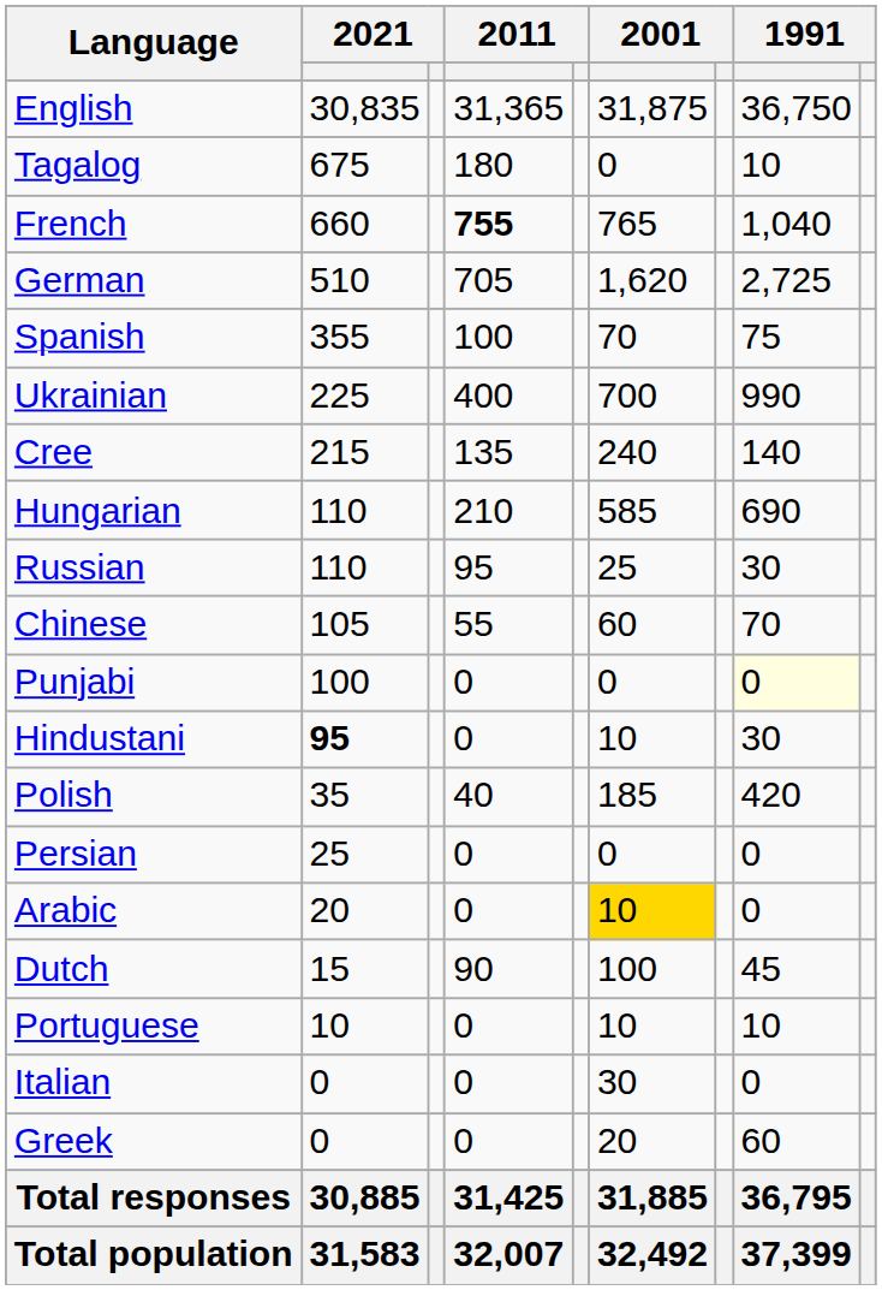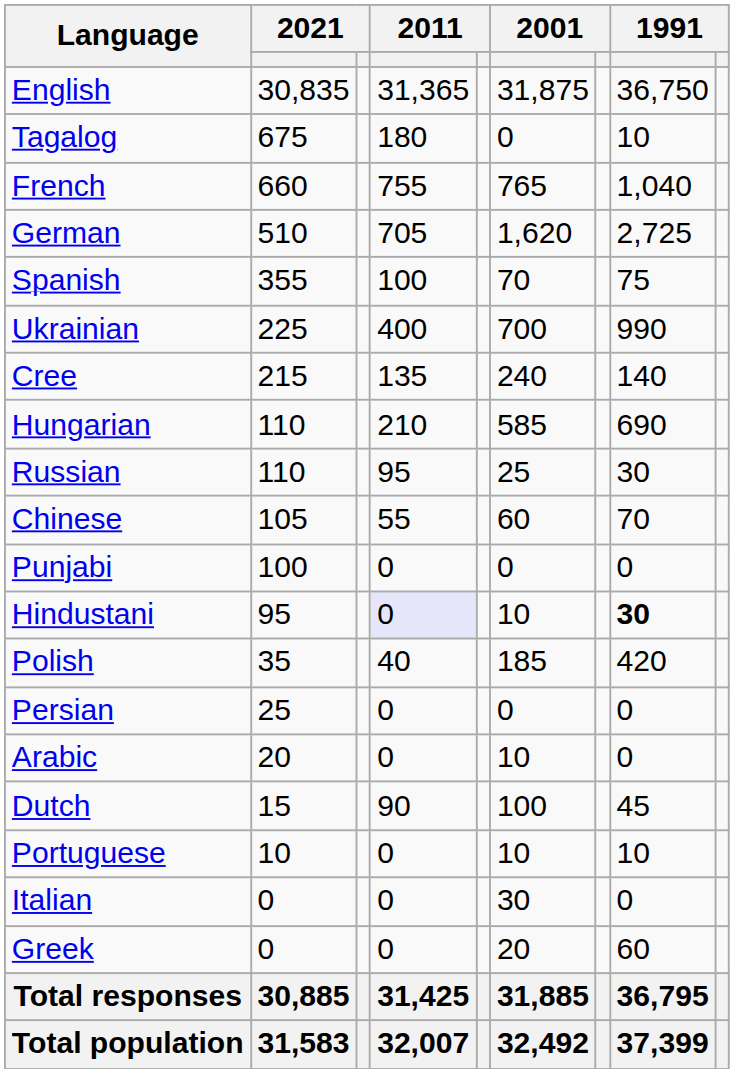 <table class="wikitable collapsible sortable">
 <tr>
 <th rowspan="2">Language</th>
 <th colspan="2">2021</th>
 <th colspan="2">2011</th>
 <th colspan="2">2001</th>
 <th colspan="2">1991</th>
 </tr>
 <tr>
 <th><a href='#'></a></th>
 <th></th>
 <th></th>
 <th></th>
 <th></th>
 <th></th>
 <th></th>
 <th></th>
 </tr>
 <tr>
 <td><a href='#'>English</a></td>
 <td>30,835</td>
 <td></td>
 <td>31,365</td>
 <td></td>
 <td>31,875</td>
 <td></td>
 <td>36,750</td>
 <td></td>
 </tr>
 <tr>
 <td><a href='#'>Tagalog</a></td>
 <td>675</td>
 <td></td>
 <td>180</td>
 <td></td>
 <td>0</td>
 <td></td>
 <td>10</td>
 <td></td>
 </tr>
 <tr>
 <td><a href='#'>French</a></td>
 <td>660</td>
 <td></td>
-<td><strong>755</strong></td>
+<td>755</td>
 <td></td>
 <td>765</td>
 <td></td>
 <td>1,040</td>
 <td></td>
 </tr>
 <tr>
 <td><a href='#'>German</a></td>
 <td>510</td>
 <td></td>
 <td>705</td>
 <td></td>
 <td>1,620</td>
 <td></td>
 <td>2,725</td>
 <td></td>
 </tr>
 <tr>
 <td><a href='#'>Spanish</a></td>
 <td>355</td>
 <td></td>
 <td>100</td>
 <td></td>
 <td>70</td>
 <td></td>
 <td>75</td>
 <td></td>
 </tr>
 <tr>
 <td><a href='#'>Ukrainian</a></td>
 <td>225</td>
 <td></td>
 <td>400</td>
 <td></td>
 <td>700</td>
 <td></td>
 <td>990</td>
 <td></td>
 </tr>
 <tr>
 <td><a href='#'>Cree</a></td>
 <td>215</td>
 <td></td>
 <td>135</td>
 <td></td>
 <td>240</td>
 <td></td>
 <td>140</td>
 <td></td>
 </tr>
 <tr>
 <td><a href='#'>Hungarian</a></td>
 <td>110</td>
 <td></td>
 <td>210</td>
 <td></td>
 <td>585</td>
 <td></td>
 <td>690</td>
 <td></td>
 </tr>
 <tr>
 <td><a href='#'>Russian</a></td>
 <td>110</td>
 <td></td>
 <td>95</td>
 <td></td>
 <td>25</td>
 <td></td>
 <td>30</td>
 <td></td>
 </tr>
 <tr>
 <td><a href='#'>Chinese</a></td>
 <td>105</td>
 <td></td>
 <td>55</td>
 <td></td>
 <td>60</td>
 <td></td>
 <td>70</td>
 <td></td>
 </tr>
 <tr>
 <td><a href='#'>Punjabi</a></td>
 <td>100</td>
 <td></td>
 <td>0</td>
 <td></td>
 <td>0</td>
 <td></td>
-<td style="background: lightyellow;">0</td>
+<td>0</td>
 <td></td>
 </tr>
 <tr>
 <td><a href='#'>Hindustani</a></td>
-<td><strong>95</strong></td>
+<td>95</td>
 <td></td>
-<td>0</td>
+<td style="background: lavender;">0</td>
 <td></td>
 <td>10</td>
 <td></td>
-<td>30</td>
+<td><strong>30</strong></td>
 <td></td>
 </tr>
 <tr>
 <td><a href='#'>Polish</a></td>
 <td>35</td>
 <td></td>
 <td>40</td>
 <td></td>
 <td>185</td>
 <td></td>
 <td>420</td>
 <td></td>
 </tr>
 <tr>
 <td><a href='#'>Persian</a></td>
 <td>25</td>
 <td></td>
 <td>0</td>
 <td></td>
 <td>0</td>
 <td></td>
 <td>0</td>
 <td></td>
 </tr>
 <tr>
 <td><a href='#'>Arabic</a></td>
 <td>20</td>
 <td></td>
 <td>0</td>
 <td></td>
-<td style="background: gold;">10</td>
+<td>10</td>
 <td></td>
 <td>0</td>
 <td></td>
 </tr>
 <tr>
 <td><a href='#'>Dutch</a></td>
 <td>15</td>
 <td></td>
 <td>90</td>
 <td></td>
 <td>100</td>
 <td></td>
 <td>45</td>
 <td></td>
 </tr>
 <tr>
 <td><a href='#'>Portuguese</a></td>
 <td>10</td>
 <td></td>
 <td>0</td>
 <td></td>
 <td>10</td>
 <td></td>
 <td>10</td>
 <td></td>
 </tr>
 <tr>
 <td><a href='#'>Italian</a></td>
 <td>0</td>
 <td></td>
 <td>0</td>
 <td></td>
 <td>30</td>
 <td></td>
 <td>0</td>
 <td></td>
 </tr>
 <tr>
 <td><a href='#'>Greek</a></td>
 <td>0</td>
 <td></td>
 <td>0</td>
 <td></td>
 <td>20</td>
 <td></td>
 <td>60</td>
 <td></td>
 </tr>
 <tr>
 <th>Total responses</th>
 <th>30,885</th>
 <th></th>
 <th>31,425</th>
 <th></th>
 <th>31,885</th>
 <th></th>
 <th>36,795</th>
 <th></th>
 </tr>
 <tr>
 <th>Total population</th>
 <th>31,583</th>
 <th></th>
 <th>32,007</th>
 <th></th>
 <th>32,492</th>
 <th></th>
 <th>37,399</th>
 <th></th>
 </tr>
 </table>
